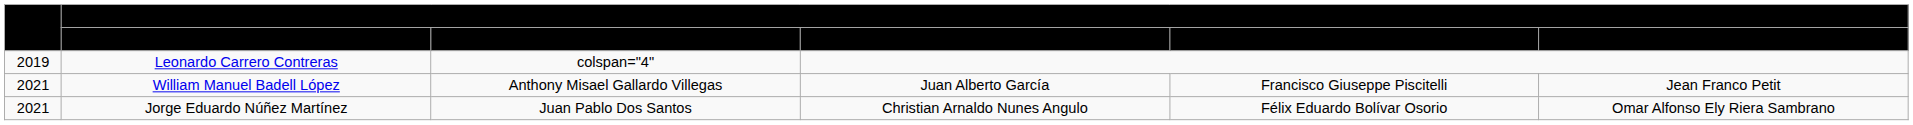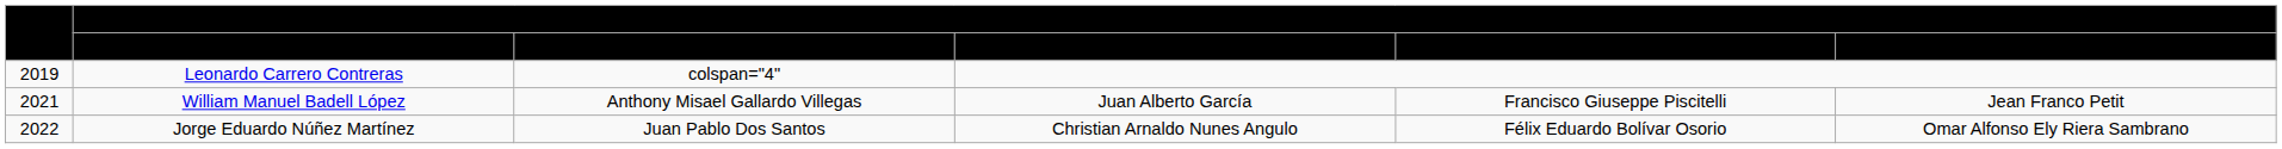 <table class="wikitable" style="text-align:center; font-size:95%; line-height:17px; width:100%;">
 <tr>
 <th rowspan="2" style="background:black; width:01%;" scope="col"><span>Year</span></th>
 <th colspan="5" style="background:black; width:10%;" scope="col"><span>Mister Supranational Venezuela Runners-Up</span></th>
 </tr>
 <tr>
 <th style="background:black; width:10%;" scope="col"><span>Mister Supranational</span></th>
 <th style="background:black; width:10%;" scope="col"><span>1st Runner-Up</span></th>
 <th style="background:black; width:10%;" scope="col"><span>2nd Runner-Up</span></th>
 <th style="background:black; width:10%;" scope="col"><span>3rd Runner-Up</span></th>
 <th style="background:black; width:10%;" scope="col"><span>4th Runner-Up</span></th>
 </tr>
 <tr>
 <td>2019</td>
 <td><a href='#'>Leonardo Carrero Contreras</a></td>
 <td>colspan="4" </td>
 </tr>
 <tr>
 <td>2021</td>
 <td><a href='#'>William Manuel Badell López</a></td>
 <td>Anthony Misael Gallardo Villegas</td>
 <td>Juan Alberto García</td>
 <td>Francisco Giuseppe Piscitelli</td>
 <td>Jean Franco Petit</td>
 </tr>
 <tr>
-<td>2021</td>
+<td>2022</td>
 <td>Jorge Eduardo Núñez Martínez</td>
 <td>Juan Pablo Dos Santos</td>
 <td>Christian Arnaldo Nunes Angulo</td>
 <td>Félix Eduardo Bolívar Osorio</td>
 <td>Omar Alfonso Ely Riera Sambrano</td>
 </tr>
 </table>
